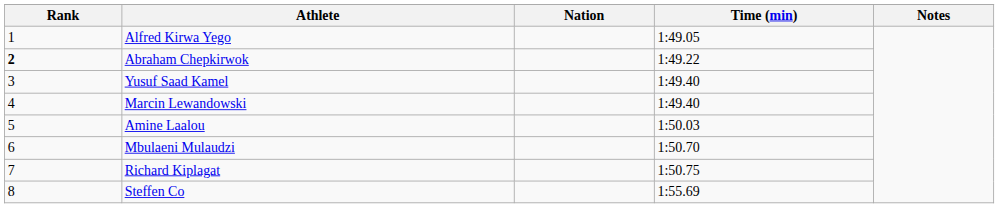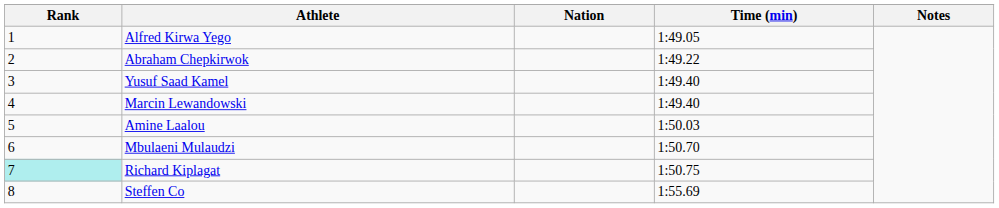 <table class="wikitable" width=90%>
 <tr>
 </tr>
 <tr>
 <th>Rank</th>
 <th>Athlete</th>
 <th>Nation</th>
 <th>Time (<a href='#'>min</a>)</th>
 <th>Notes</th>
 </tr>
 <tr>
 <td>1</td>
 <td><a href='#'>Alfred Kirwa Yego</a></td>
 <td></td>
 <td>1:49.05</td>
 </tr>
 <tr>
-<td><strong>2</strong></td>
+<td>2</td>
 <td><a href='#'>Abraham Chepkirwok</a></td>
 <td></td>
 <td>1:49.22</td>
 </tr>
 <tr>
 <td>3</td>
 <td><a href='#'>Yusuf Saad Kamel</a></td>
 <td></td>
 <td>1:49.40</td>
 </tr>
 <tr>
 <td>4</td>
 <td><a href='#'>Marcin Lewandowski</a></td>
 <td></td>
 <td>1:49.40</td>
 </tr>
 <tr>
 <td>5</td>
 <td><a href='#'>Amine Laalou</a></td>
 <td></td>
 <td>1:50.03</td>
 </tr>
 <tr>
 <td>6</td>
 <td><a href='#'>Mbulaeni Mulaudzi</a></td>
 <td></td>
 <td>1:50.70</td>
 </tr>
 <tr>
-<td>7</td>
+<td style="background: paleturquoise;">7</td>
 <td><a href='#'>Richard Kiplagat</a></td>
 <td></td>
 <td>1:50.75</td>
 </tr>
 <tr>
 <td>8</td>
 <td><a href='#'>Steffen Co</a></td>
 <td></td>
 <td>1:55.69</td>
 </tr>
 </table>
